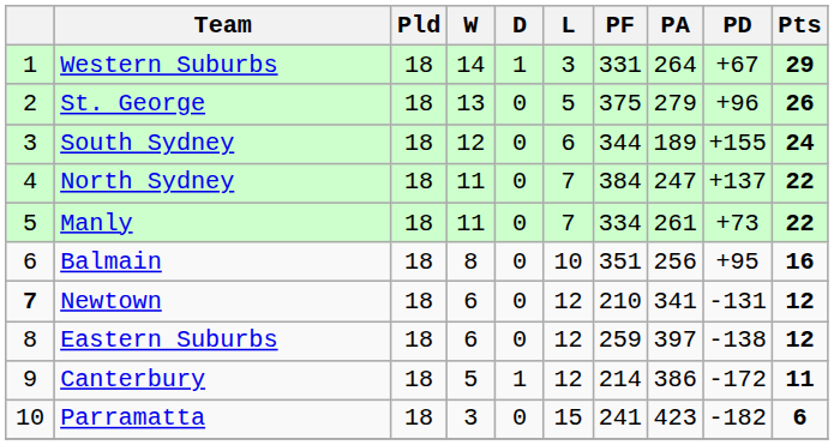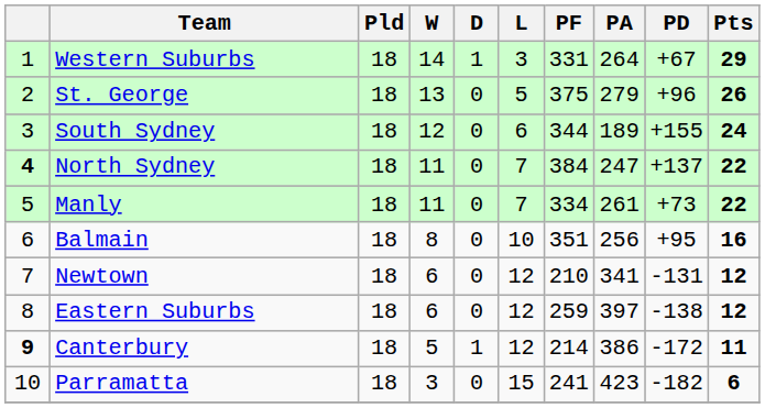 <table class="wikitable" style="text-align:center;">
 <tr>
 <th width=20 abbr="Position×"></th>
 <th width=175>Team</th>
 <th width=20 abbr="Played">Pld</th>
 <th width=20 abbr="Won">W</th>
 <th width=20 abbr="Drawn">D</th>
 <th width=20 abbr="Lost">L</th>
 <th width=20 abbr="Points for">PF</th>
 <th width=20 abbr="Points against">PA</th>
 <th width=20 abbr="Points difference">PD</th>
 <th width=20 abbr="Points">Pts</th>
 </tr>
 <tr style="background: #ccffcc;">
 <td>1</td>
 <td style="text-align:left;"> <a href='#'>Western Suburbs</a></td>
 <td>18</td>
 <td>14</td>
 <td>1</td>
 <td>3</td>
 <td>331</td>
 <td>264</td>
 <td>+67</td>
 <td><strong>29</strong></td>
 </tr>
 <tr style="background: #ccffcc;">
 <td>2</td>
 <td style="text-align:left;"> <a href='#'>St. George</a></td>
 <td>18</td>
 <td>13</td>
 <td>0</td>
 <td>5</td>
 <td>375</td>
 <td>279</td>
 <td>+96</td>
 <td><strong>26</strong></td>
 </tr>
 <tr style="background: #ccffcc;">
 <td>3</td>
 <td style="text-align:left;"> <a href='#'>South Sydney</a></td>
 <td>18</td>
 <td>12</td>
 <td>0</td>
 <td>6</td>
 <td>344</td>
 <td>189</td>
 <td>+155</td>
 <td><strong>24</strong></td>
 </tr>
 <tr style="background: #ccffcc;">
-<td>4</td>
+<td><strong>4</strong></td>
 <td style="text-align:left;"> <a href='#'>North Sydney</a></td>
 <td>18</td>
 <td>11</td>
 <td>0</td>
 <td>7</td>
 <td>384</td>
 <td>247</td>
 <td>+137</td>
 <td><strong>22</strong></td>
 </tr>
 <tr style="background: #ccffcc;">
 <td>5</td>
 <td style="text-align:left;"> <a href='#'>Manly</a></td>
 <td>18</td>
 <td>11</td>
 <td>0</td>
 <td>7</td>
 <td>334</td>
 <td>261</td>
 <td>+73</td>
 <td><strong>22</strong></td>
 </tr>
 <tr>
 <td>6</td>
 <td style="text-align:left;"> <a href='#'>Balmain</a></td>
 <td>18</td>
 <td>8</td>
 <td>0</td>
 <td>10</td>
 <td>351</td>
 <td>256</td>
 <td>+95</td>
 <td><strong>16</strong></td>
 </tr>
 <tr>
-<td><strong>7</strong></td>
+<td>7</td>
 <td style="text-align:left;"> <a href='#'>Newtown</a></td>
 <td>18</td>
 <td>6</td>
 <td>0</td>
 <td>12</td>
 <td>210</td>
 <td>341</td>
 <td>-131</td>
 <td><strong>12</strong></td>
 </tr>
 <tr>
 <td>8</td>
 <td style="text-align:left;"> <a href='#'>Eastern Suburbs</a></td>
 <td>18</td>
 <td>6</td>
 <td>0</td>
 <td>12</td>
 <td>259</td>
 <td>397</td>
 <td>-138</td>
 <td><strong>12</strong></td>
 </tr>
 <tr>
-<td>9</td>
+<td><strong>9</strong></td>
 <td style="text-align:left;"> <a href='#'>Canterbury</a></td>
 <td>18</td>
 <td>5</td>
 <td>1</td>
 <td>12</td>
 <td>214</td>
 <td>386</td>
 <td>-172</td>
 <td><strong>11</strong></td>
 </tr>
 <tr>
 <td>10</td>
 <td style="text-align:left;"> <a href='#'>Parramatta</a></td>
 <td>18</td>
 <td>3</td>
 <td>0</td>
 <td>15</td>
 <td>241</td>
 <td>423</td>
 <td>-182</td>
 <td><strong>6</strong></td>
 </tr>
 <tr>
 </tr>
 </table>
